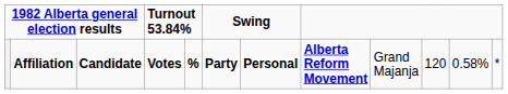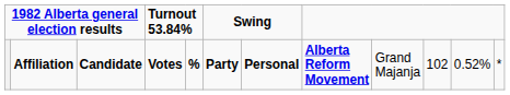 <table class="wikitable">
 <tr>
 <td colspan="3" align=center><strong><a href='#'>1982 Alberta general election</a> results</strong></td>
 <td colspan="2"><strong>Turnout 53.84%</strong></td>
 <td colspan="2" align=center><strong>Swing</strong></td>
 </tr>
 <tr>
 <th style="width: 10px;"></th>
 <td><strong>Affiliation</strong></td>
 <td><strong>Candidate</strong></td>
 <td><strong>Votes</strong></td>
 <td><strong>%</strong></td>
 <td><strong>Party</strong></td>
 <td><strong>Personal</strong><br>    </td>
 <td><strong><a href='#'>Alberta Reform Movement</a></strong></td>
 <td>Grand Majanja</td>
-<td>120</td>
-<td>0.58%</td>
+<td>102</td>
+<td>0.52%</td>
 <td colspan=2 align=center>*<br>   </td>
 </tr>
 </table>
